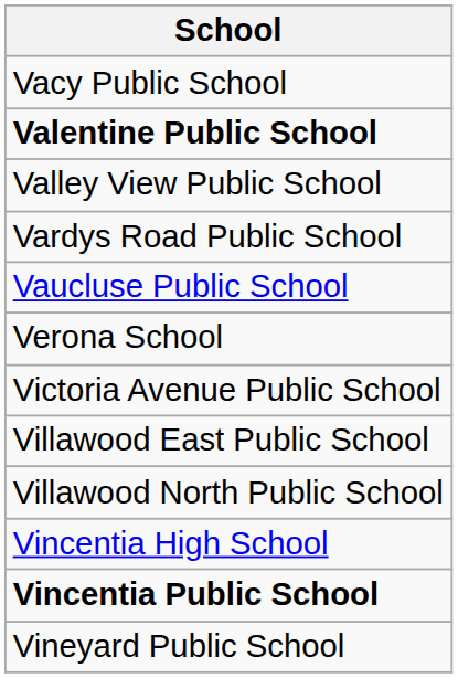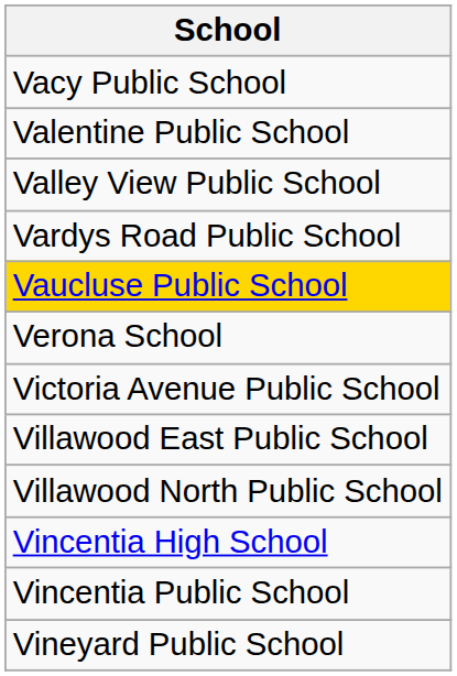 <table class="wikitable">
 <tr>
 <th>School</th>
 </tr>
 <tr>
 <td>Vacy Public School</td>
 </tr>
 <tr>
-<td><strong>Valentine Public School</strong></td>
+<td>Valentine Public School</td>
 </tr>
 <tr>
 <td>Valley View Public School</td>
 </tr>
 <tr>
 <td>Vardys Road Public School</td>
 </tr>
 <tr>
-<td><a href='#'>Vaucluse Public School</a></td>
+<td style="background: gold;"><a href='#'>Vaucluse Public School</a></td>
 </tr>
 <tr>
 <td>Verona School</td>
 </tr>
 <tr>
 <td>Victoria Avenue Public School</td>
 </tr>
 <tr>
 <td>Villawood East Public School</td>
 </tr>
 <tr>
 <td>Villawood North Public School</td>
 </tr>
 <tr>
 <td><a href='#'>Vincentia High School</a></td>
 </tr>
 <tr>
-<td><strong>Vincentia Public School</strong></td>
+<td>Vincentia Public School</td>
 </tr>
 <tr>
 <td>Vineyard Public School</td>
 </tr>
 </table>
